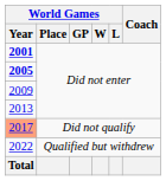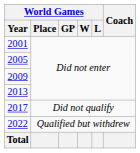 <table class="wikitable" style="text-align:center;">
 <tr>
 <th colspan=5><a href='#'>World Games</a></th>
 <th rowspan="2">Coach</th>
 </tr>
 <tr>
 <th>Year</th>
 <th>Place</th>
 <th>GP</th>
 <th>W</th>
 <th>L</th>
 </tr>
 <tr>
-<td><strong> <a href='#'>2001</a></strong></td>
+<td> <a href='#'>2001</a></td>
 <td colspan=5 rowspan=4><em>Did not enter</em></td>
 </tr>
 <tr>
-<td><strong> <a href='#'>2005</a></strong></td>
+<td> <a href='#'>2005</a></td>
 </tr>
 <tr>
 <td> <a href='#'>2009</a></td>
 </tr>
 <tr>
 <td> <a href='#'>2013</a></td>
 </tr>
 <tr>
-<td style="background: lightsalmon;"> <a href='#'>2017</a></td>
+<td> <a href='#'>2017</a></td>
 <td colspan=5><em>Did not qualify</em></td>
 </tr>
 <tr>
 <td> <a href='#'>2022</a></td>
 <td colspan=5><em>Qualified but withdrew</em></td>
 </tr>
 <tr>
 <th>Total</th>
 <th></th>
 <th></th>
 <th></th>
 <th></th>
 <th></th>
 </tr>
 </table>
